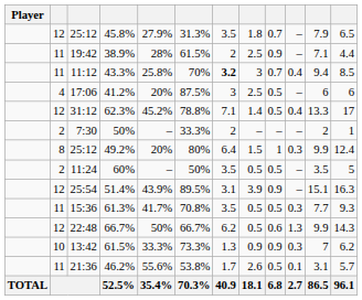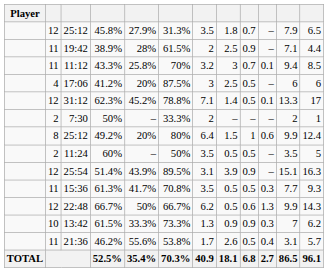 <table class="wikitable sortable" style="font-size:95%; text-align:right;">
 <tr>
 <th>Player</th>
 <th></th>
 <th></th>
 <th></th>
 <th></th>
 <th></th>
 <th></th>
 <th></th>
 <th></th>
 <th></th>
 <th></th>
 <th></th>
 </tr>
 <tr>
 <td></td>
 <td>12</td>
 <td>25:12</td>
 <td>45.8%</td>
 <td>27.9%</td>
 <td>31.3%</td>
 <td>3.5</td>
 <td>1.8</td>
 <td>0.7</td>
 <td>–</td>
 <td>7.9</td>
 <td>6.5</td>
 </tr>
 <tr>
 <td></td>
 <td>11</td>
 <td>19:42</td>
 <td>38.9%</td>
 <td>28%</td>
 <td>61.5%</td>
 <td>2</td>
 <td>2.5</td>
 <td>0.9</td>
 <td>–</td>
 <td>7.1</td>
 <td>4.4</td>
 </tr>
 <tr>
 <td></td>
 <td>11</td>
 <td>11:12</td>
 <td>43.3%</td>
 <td>25.8%</td>
 <td>70%</td>
-<td><strong>3.2</strong></td>
+<td>3.2</td>
 <td>3</td>
 <td>0.7</td>
-<td>0.4</td>
+<td>0.1</td>
 <td>9.4</td>
 <td>8.5</td>
 </tr>
 <tr>
 <td></td>
 <td>4</td>
 <td>17:06</td>
 <td>41.2%</td>
 <td>20%</td>
 <td>87.5%</td>
 <td>3</td>
 <td>2.5</td>
 <td>0.5</td>
 <td>–</td>
 <td>6</td>
 <td>6</td>
 </tr>
 <tr>
 <td></td>
 <td>12</td>
 <td>31:12</td>
 <td>62.3%</td>
 <td>45.2%</td>
 <td>78.8%</td>
 <td>7.1</td>
 <td>1.4</td>
 <td>0.5</td>
-<td>0.4</td>
+<td>0.1</td>
 <td>13.3</td>
 <td>17</td>
 </tr>
 <tr>
 <td></td>
 <td>2</td>
 <td>7:30</td>
 <td>50%</td>
 <td>–</td>
 <td>33.3%</td>
 <td>2</td>
 <td>–</td>
 <td>–</td>
 <td>–</td>
 <td>2</td>
 <td>1</td>
 </tr>
 <tr>
 <td></td>
 <td>8</td>
 <td>25:12</td>
 <td>49.2%</td>
 <td>20%</td>
 <td>80%</td>
 <td>6.4</td>
 <td>1.5</td>
 <td>1</td>
-<td>0.3</td>
+<td>0.6</td>
 <td>9.9</td>
 <td>12.4</td>
 </tr>
 <tr>
 <td></td>
 <td>2</td>
 <td>11:24</td>
 <td>60%</td>
 <td>–</td>
 <td>50%</td>
 <td>3.5</td>
 <td>0.5</td>
 <td>0.5</td>
 <td>–</td>
 <td>3.5</td>
 <td>5</td>
 </tr>
 <tr>
 <td></td>
 <td>12</td>
 <td>25:54</td>
 <td>51.4%</td>
 <td>43.9%</td>
 <td>89.5%</td>
 <td>3.1</td>
 <td>3.9</td>
 <td>0.9</td>
 <td>–</td>
 <td>15.1</td>
 <td>16.3</td>
 </tr>
 <tr>
 <td></td>
 <td>11</td>
 <td>15:36</td>
 <td>61.3%</td>
 <td>41.7%</td>
 <td>70.8%</td>
 <td>3.5</td>
 <td>0.5</td>
 <td>0.5</td>
 <td>0.3</td>
 <td>7.7</td>
 <td>9.3</td>
 </tr>
 <tr>
 <td></td>
 <td>12</td>
 <td>22:48</td>
 <td>66.7%</td>
 <td>50%</td>
 <td>66.7%</td>
 <td>6.2</td>
 <td>0.5</td>
 <td>0.6</td>
 <td>1.3</td>
 <td>9.9</td>
 <td>14.3</td>
 </tr>
 <tr>
 <td></td>
 <td>10</td>
 <td>13:42</td>
 <td>61.5%</td>
 <td>33.3%</td>
 <td>73.3%</td>
 <td>1.3</td>
 <td>0.9</td>
 <td>0.9</td>
 <td>0.3</td>
 <td>7</td>
 <td>6.2</td>
 </tr>
 <tr>
 <td></td>
 <td>11</td>
 <td>21:36</td>
 <td>46.2%</td>
 <td>55.6%</td>
 <td>53.8%</td>
 <td>1.7</td>
 <td>2.6</td>
 <td>0.5</td>
-<td>0.1</td>
+<td>0.4</td>
 <td>3.1</td>
 <td>5.7</td>
 </tr>
 <tr>
 <th align=center>TOTAL</th>
 <th colspan=2></th>
 <th>52.5%</th>
 <th>35.4%</th>
 <th>70.3%</th>
 <th>40.9</th>
 <th>18.1</th>
 <th>6.8</th>
 <th>2.7</th>
 <th>86.5</th>
 <th>96.1</th>
 </tr>
 </table>
